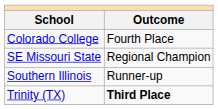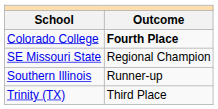 <table class="wikitable" style="float:left; margin-right:1em;">
 <tr>
 <th colspan="3" style="background:#ffdead;"></th>
 </tr>
 <tr>
 <th>School</th>
 <th>Outcome</th>
 </tr>
 <tr>
 <td><a href='#'>Colorado College</a></td>
-<td>Fourth Place</td>
+<td><strong>Fourth Place</strong></td>
 </tr>
 <tr>
 <td><a href='#'>SE Missouri State</a></td>
 <td>Regional Champion</td>
 </tr>
 <tr>
 <td><a href='#'>Southern Illinois</a></td>
 <td>Runner-up</td>
 </tr>
 <tr>
 <td><a href='#'>Trinity (TX)</a></td>
-<td><strong>Third Place</strong></td>
+<td>Third Place</td>
 </tr>
 </table>
